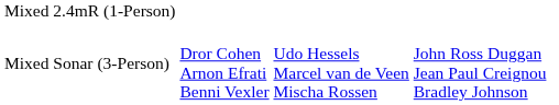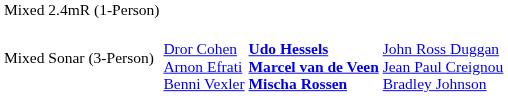 <table>
 <tr>
 <td>Mixed 2.4mR (1-Person)</td>
 <td></td>
 <td></td>
 <td></td>
 </tr>
 <tr>
 <td>Mixed Sonar (3-Person)</td>
 <td> <br> <a href='#'>Dror Cohen</a> <br> <a href='#'>Arnon Efrati</a> <br> <a href='#'>Benni Vexler</a></td>
-<td> <br> <a href='#'>Udo Hessels</a> <br> <a href='#'>Marcel van de Veen</a> <br> <a href='#'>Mischa Rossen</a></td>
+<td><strong> <br> <a href='#'>Udo Hessels</a> <br> <a href='#'>Marcel van de Veen</a> <br> <a href='#'>Mischa Rossen</a></strong></td>
 <td> <br> <a href='#'>John Ross Duggan</a> <br> <a href='#'>Jean Paul Creignou</a> <br> <a href='#'>Bradley Johnson</a></td>
 </tr>
 </table>
